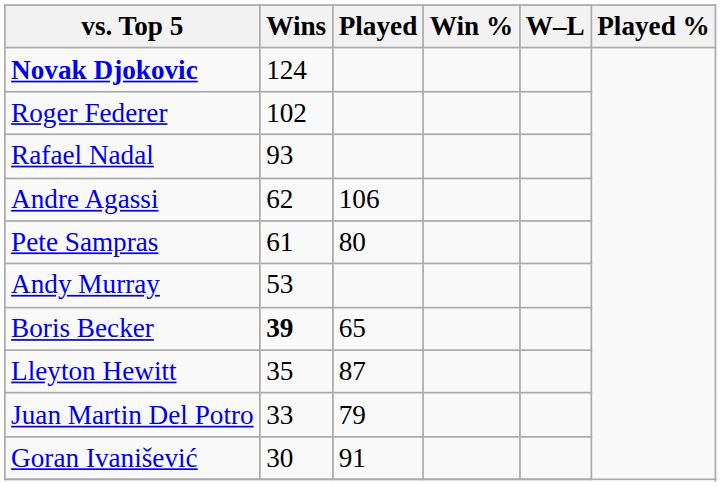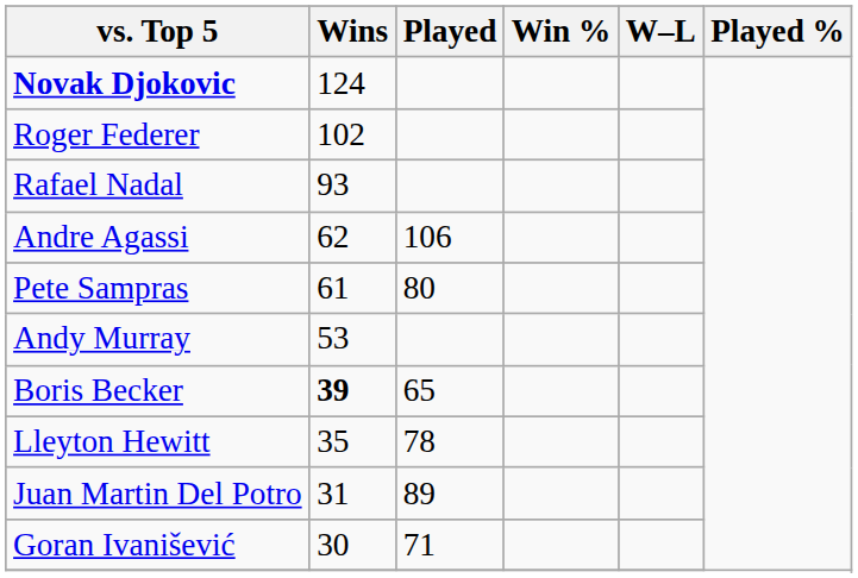 <table class="wikitable sortable" style="display: inline-table;">
 <tr>
 <th>vs. Top 5</th>
 <th>Wins</th>
 <th>Played</th>
 <th>Win %</th>
 <th>W–L</th>
 <th>Played %</th>
 </tr>
 <tr>
 <td> <strong><a href='#'>Novak Djokovic</a></strong></td>
 <td>124</td>
 <td></td>
 <td></td>
 <td></td>
 </tr>
 <tr>
 <td> <a href='#'>Roger Federer</a></td>
 <td>102</td>
 <td></td>
 <td></td>
 <td></td>
 </tr>
 <tr>
 <td> <a href='#'>Rafael Nadal</a></td>
 <td>93</td>
 <td></td>
 <td></td>
 <td></td>
 </tr>
 <tr>
 <td> <a href='#'>Andre Agassi</a></td>
 <td>62</td>
 <td>106</td>
 <td></td>
 <td></td>
 </tr>
 <tr>
 <td> <a href='#'>Pete Sampras</a></td>
 <td>61</td>
 <td>80</td>
 <td></td>
 <td></td>
 </tr>
 <tr>
 <td> <a href='#'>Andy Murray</a></td>
 <td>53</td>
 <td></td>
 <td></td>
 <td></td>
 </tr>
 <tr>
 <td> <a href='#'>Boris Becker</a></td>
 <td><strong>39</strong></td>
 <td>65</td>
 <td></td>
 <td></td>
 </tr>
 <tr>
 <td> <a href='#'>Lleyton Hewitt</a></td>
 <td>35</td>
-<td>87</td>
+<td>78</td>
 <td></td>
 <td></td>
 </tr>
 <tr>
 <td> <a href='#'>Juan Martin Del Potro</a></td>
-<td>33</td>
-<td>79</td>
+<td>31</td>
+<td>89</td>
 <td></td>
 <td></td>
 </tr>
 <tr>
 <td> <a href='#'>Goran Ivanišević</a></td>
 <td>30</td>
-<td>91</td>
+<td>71</td>
 <td></td>
 <td></td>
 </tr>
 <tr>
 </tr>
 </table>
